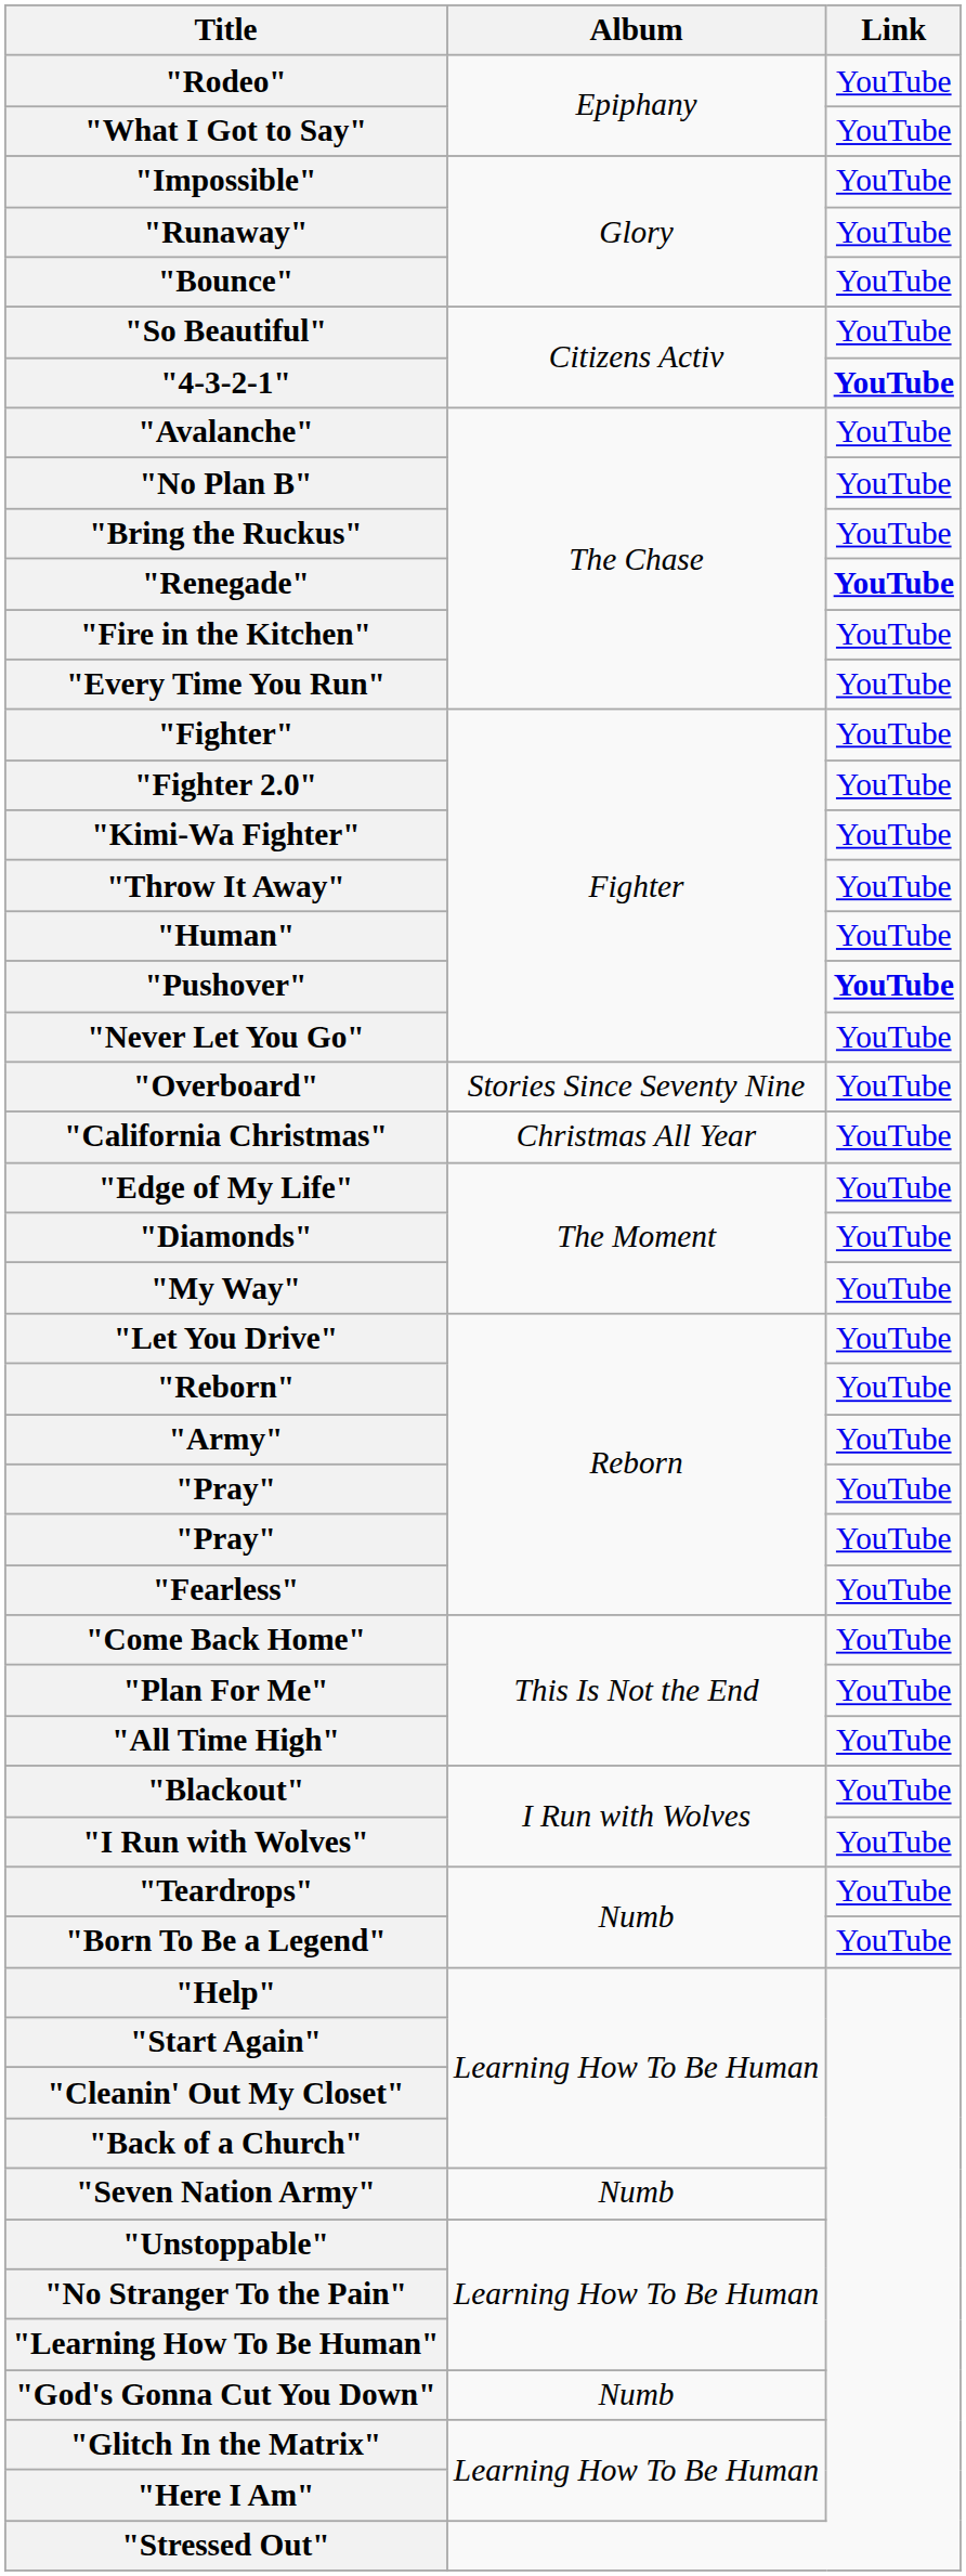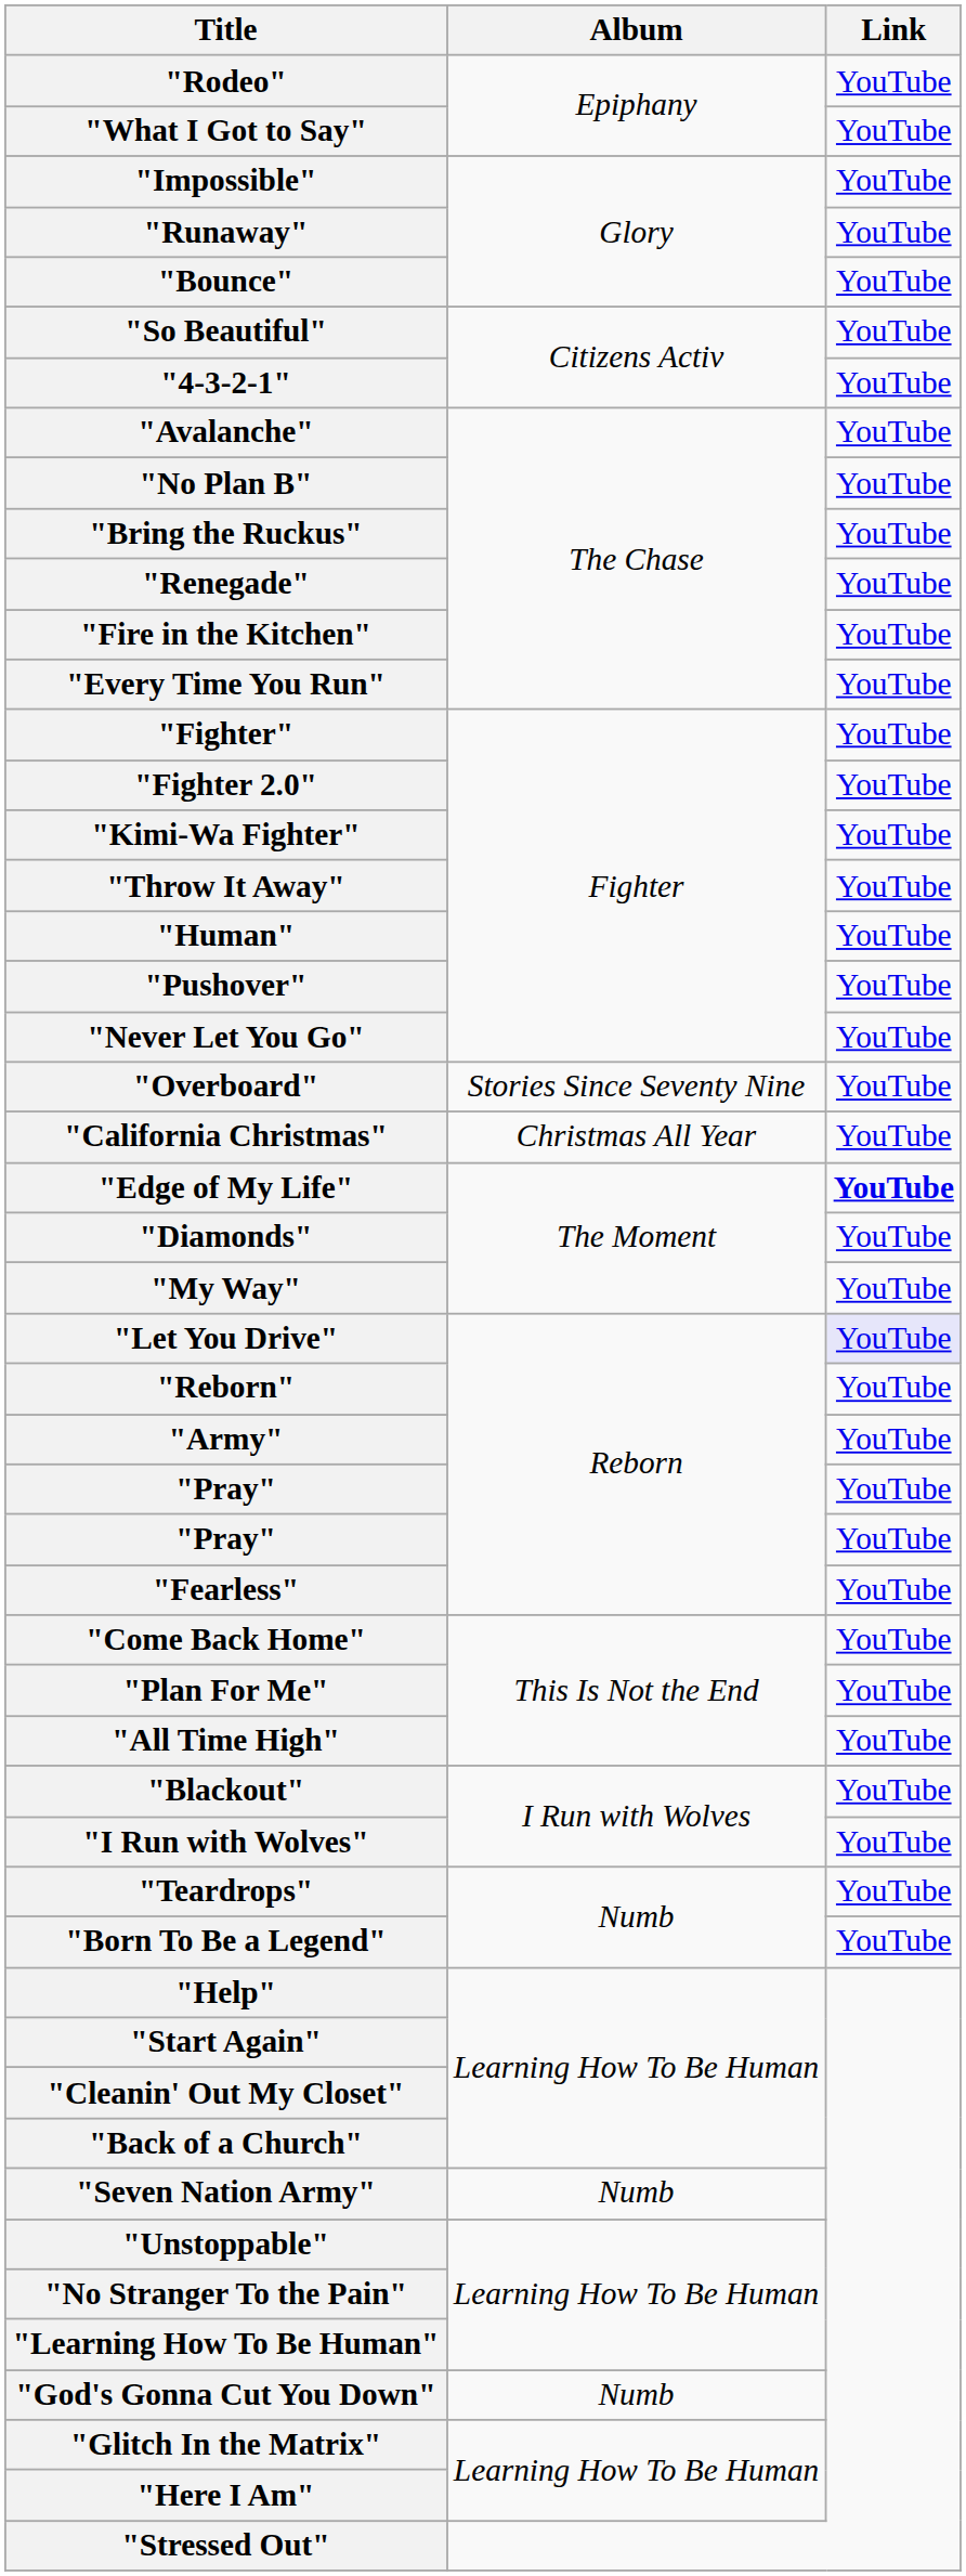 <table class="wikitable plainrowheaders" style="text-align:center;">
 <tr>
 <th>Title</th>
 <th>Album</th>
 <th>Link</th>
 </tr>
 <tr>
 <th scope="row">"Rodeo"</th>
 <td rowspan="2"><em>Epiphany</em></td>
 <td><a href='#'>YouTube</a> </td>
 </tr>
 <tr>
 <th scope="row">"What I Got to Say"</th>
 <td><a href='#'>YouTube</a> </td>
 </tr>
 <tr>
 <th scope="row">"Impossible"</th>
 <td rowspan="3"><em>Glory</em></td>
 <td><a href='#'>YouTube</a> </td>
 </tr>
 <tr>
 <th scope="row">"Runaway"</th>
 <td><a href='#'>YouTube</a> </td>
 </tr>
 <tr>
 <th scope="row">"Bounce"</th>
 <td><a href='#'>YouTube</a> </td>
 </tr>
 <tr>
 <th scope="row">"So Beautiful"</th>
 <td rowspan="2"><em>Citizens Activ</em></td>
 <td><a href='#'>YouTube</a> </td>
 </tr>
 <tr>
 <th scope="row">"4-3-2-1"</th>
-<td><strong><a href='#'>YouTube</a> </strong></td>
+<td><a href='#'>YouTube</a> </td>
 </tr>
 <tr>
 <th scope="row">"Avalanche"</th>
 <td rowspan="6"><em>The Chase</em></td>
 <td><a href='#'>YouTube</a> </td>
 </tr>
 <tr>
 <th scope="row">"No Plan B" </th>
 <td><a href='#'>YouTube</a> </td>
 </tr>
 <tr>
 <th scope="row">"Bring the Ruckus"</th>
 <td><a href='#'>YouTube</a> </td>
 </tr>
 <tr>
 <th scope="row">"Renegade"</th>
-<td><strong><a href='#'>YouTube</a> </strong></td>
+<td><a href='#'>YouTube</a> </td>
 </tr>
 <tr>
 <th scope="row">"Fire in the Kitchen"</th>
 <td><a href='#'>YouTube</a> </td>
 </tr>
 <tr>
 <th scope="row">"Every Time You Run"</th>
 <td><a href='#'>YouTube</a> </td>
 </tr>
 <tr>
 <th scope="row">"Fighter"</th>
 <td rowspan="7"><em>Fighter</em></td>
 <td><a href='#'>YouTube</a> </td>
 </tr>
 <tr>
 <th scope="row">"Fighter 2.0"</th>
 <td><a href='#'>YouTube</a> </td>
 </tr>
 <tr>
 <th scope="row">"Kimi-Wa Fighter"</th>
 <td><a href='#'>YouTube</a> </td>
 </tr>
 <tr>
 <th scope="row">"Throw It Away"</th>
 <td><a href='#'>YouTube</a> </td>
 </tr>
 <tr>
 <th scope="row">"Human"</th>
 <td><a href='#'>YouTube</a> </td>
 </tr>
 <tr>
 <th scope="row">"Pushover"</th>
-<td><strong><a href='#'>YouTube</a> </strong></td>
+<td><a href='#'>YouTube</a> </td>
 </tr>
 <tr>
 <th scope="row">"Never Let You Go"</th>
 <td><a href='#'>YouTube</a> </td>
 </tr>
 <tr>
 <th scope="row">"Overboard"</th>
 <td><em>Stories Since Seventy Nine</em></td>
 <td><a href='#'>YouTube</a> </td>
 </tr>
 <tr>
 <th scope="row">"California Christmas"</th>
 <td><em>Christmas All Year</em></td>
 <td><a href='#'>YouTube</a> </td>
 </tr>
 <tr>
 <th scope="row">"Edge of My Life"</th>
 <td rowspan="3"><em>The Moment</em></td>
-<td><a href='#'>YouTube</a> </td>
+<td><strong><a href='#'>YouTube</a> </strong></td>
 </tr>
 <tr>
 <th scope="row">"Diamonds"</th>
 <td><a href='#'>YouTube</a> </td>
 </tr>
 <tr>
 <th scope="row">"My Way"</th>
 <td><a href='#'>YouTube</a> </td>
 </tr>
 <tr>
 <th scope="row">"Let You Drive"</th>
 <td rowspan="6"><em>Reborn</em></td>
-<td><a href='#'>YouTube</a> </td>
+<td style="background: lavender;"><a href='#'>YouTube</a> </td>
 </tr>
 <tr>
 <th scope="row">"Reborn"</th>
 <td><a href='#'>YouTube</a> </td>
 </tr>
 <tr>
 <th scope="row">"Army"</th>
 <td><a href='#'>YouTube</a> </td>
 </tr>
 <tr>
 <th scope="row">"Pray"</th>
 <td><a href='#'>YouTube</a> </td>
 </tr>
 <tr>
 <th scope="row">"Pray" </th>
 <td><a href='#'>YouTube</a> </td>
 </tr>
 <tr>
 <th scope="row">"Fearless"</th>
 <td><a href='#'>YouTube</a> </td>
 </tr>
 <tr>
 <th scope="row">"Come Back Home" </th>
 <td rowspan="3"><em>This Is Not the End</em></td>
 <td><a href='#'>YouTube</a> </td>
 </tr>
 <tr>
 <th scope="row">"Plan For Me" </th>
 <td><a href='#'>YouTube</a> </td>
 </tr>
 <tr>
 <th scope="row">"All Time High"</th>
 <td><a href='#'>YouTube</a> </td>
 </tr>
 <tr>
 <th scope="row">"Blackout" </th>
 <td rowspan="2"><em>I Run with Wolves</em></td>
 <td><a href='#'>YouTube</a> </td>
 </tr>
 <tr>
 <th scope="row">"I Run with Wolves"</th>
 <td><a href='#'>YouTube</a> </td>
 </tr>
 <tr>
 <th scope="row">"Teardrops"</th>
 <td rowspan="2"><em>Numb</em></td>
 <td><a href='#'>YouTube</a> </td>
 </tr>
 <tr>
 <th scope="row">"Born To Be a Legend" </th>
 <td><a href='#'>YouTube</a> </td>
 </tr>
 <tr>
 <th scope="row">"Help"</th>
 <td rowspan="4"><em>Learning How To Be Human</em></td>
 </tr>
 <tr>
 <th scope="row">"Start Again"</th>
 </tr>
 <tr>
 <th scope="row">"Cleanin' Out My Closet"</th>
 </tr>
 <tr>
 <th scope="row">"Back of a Church"</th>
 </tr>
 <tr>
 <th scope="row">"Seven Nation Army"</th>
 <td><em>Numb</em></td>
 </tr>
 <tr>
 <th scope="row">"Unstoppable"</th>
 <td rowspan="3"><em>Learning How To Be Human</em></td>
 </tr>
 <tr>
 <th scope="row">"No Stranger To the Pain"</th>
 </tr>
 <tr>
 <th scope="row">"Learning How To Be Human"</th>
 </tr>
 <tr>
 <th scope="row">"God's Gonna Cut You Down"</th>
 <td><em>Numb</em></td>
 </tr>
 <tr>
 <th scope="row">"Glitch In the Matrix"</th>
 <td rowspan="2"><em>Learning How To Be Human</em></td>
 </tr>
 <tr>
 <th scope="row">"Here I Am"</th>
 </tr>
 <tr>
 <th scope="row">"Stressed Out"</th>
 </tr>
 </table>
